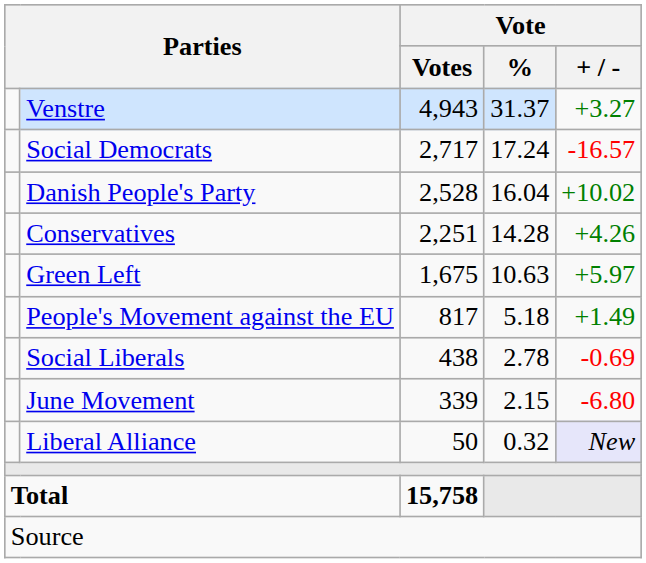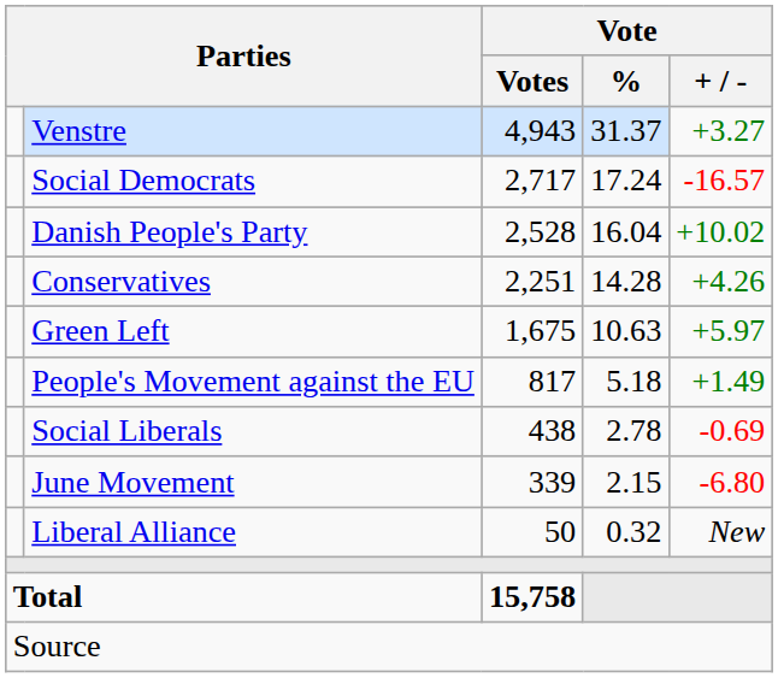 <table class="wikitable" style="text-align:right;">
 <tr>
 <th style="text-align:centre;" rowspan="2" colspan="2" width="225">Parties</th>
 <th colspan="3">Vote</th>
 </tr>
 <tr>
 <th width="15">Votes</th>
 <th width="15">%</th>
 <th width="15">+ / -</th>
 </tr>
 <tr>
 <td width="2" style="color:inherit;background:"></td>
 <td bgcolor=#cfe5fe   align="left"><a href='#'>Venstre</a></td>
 <td bgcolor=#cfe5fe>4,943</td>
 <td bgcolor=#cfe5fe>31.37</td>
 <td style=color:green;>+3.27</td>
 </tr>
 <tr>
 <td width="2" style="color:inherit;background:"></td>
 <td align="left"><a href='#'>Social Democrats</a></td>
 <td>2,717</td>
 <td>17.24</td>
 <td style=color:red;>-16.57</td>
 </tr>
 <tr>
 <td width="2" style="color:inherit;background:"></td>
 <td align="left"><a href='#'>Danish People's Party</a></td>
 <td>2,528</td>
 <td>16.04</td>
 <td style=color:green;>+10.02</td>
 </tr>
 <tr>
 <td width="2" style="color:inherit;background:"></td>
 <td align="left"><a href='#'>Conservatives</a></td>
 <td>2,251</td>
 <td>14.28</td>
 <td style=color:green;>+4.26</td>
 </tr>
 <tr>
 <td width="2" style="color:inherit;background:"></td>
 <td align="left"><a href='#'>Green Left</a></td>
 <td>1,675</td>
 <td>10.63</td>
 <td style=color:green;>+5.97</td>
 </tr>
 <tr>
 <td width="2" style="color:inherit;background:"></td>
 <td align="left"><a href='#'>People's Movement against the EU</a></td>
 <td>817</td>
 <td>5.18</td>
 <td style=color:green;>+1.49</td>
 </tr>
 <tr>
 <td width="2" style="color:inherit;background:"></td>
 <td align="left"><a href='#'>Social Liberals</a></td>
 <td>438</td>
 <td>2.78</td>
 <td style=color:red;>-0.69</td>
 </tr>
 <tr>
 <td width="2" style="color:inherit;background:"></td>
 <td align="left"><a href='#'>June Movement</a></td>
 <td>339</td>
 <td>2.15</td>
 <td style=color:red;>-6.80</td>
 </tr>
 <tr>
 <td width="2" style="color:inherit;background:"></td>
 <td align="left"><a href='#'>Liberal Alliance</a></td>
 <td>50</td>
 <td>0.32</td>
-<td style="background: lavender;"><em>New</em></td>
+<td><em>New</em></td>
 </tr>
 <tr>
 <td colspan="7" bgcolor="#E9E9E9"></td>
 </tr>
 <tr>
 <td align="left" colspan="2"><strong>Total</strong></td>
 <td><strong>15,758</strong></td>
 <td bgcolor="#E9E9E9" colspan="2"></td>
 </tr>
 <tr>
 <td align="left" colspan="6">Source</td>
 </tr>
 </table>
